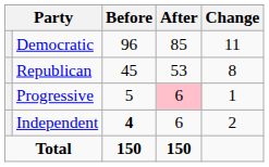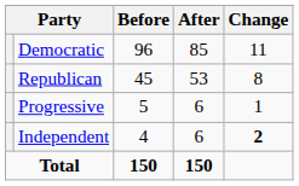 <table class="wikitable" style="text-align:center;">
 <tr>
 </tr>
 <tr>
 <th colspan=2>Party</th>
 <th>Before</th>
 <th>After</th>
 <th>Change</th>
 </tr>
 <tr>
 <th style="background-color:"></th>
 <td style="text-align:left;"><a href='#'>Democratic</a></td>
 <td>96</td>
 <td>85</td>
 <td> 11</td>
 </tr>
 <tr>
 <th style="background-color:"></th>
 <td style="text-align:left;"><a href='#'>Republican</a></td>
 <td>45</td>
 <td>53</td>
 <td> 8</td>
 </tr>
 <tr>
 <th style="background-color:"></th>
 <td style="text-align:left;"><a href='#'>Progressive</a></td>
 <td>5</td>
-<td style="background: pink;">6</td>
+<td>6</td>
 <td> 1</td>
 </tr>
 <tr>
 <th style="background-color:"></th>
 <td style="text-align:left;"><a href='#'>Independent</a></td>
-<td><strong>4</strong></td>
+<td>4</td>
 <td>6</td>
-<td> 2</td>
+<td><strong> 2</strong></td>
 </tr>
 <tr>
 <td colspan=2><strong>Total</strong></td>
 <td><strong>150</strong></td>
 <td><strong>150</strong></td>
 <td></td>
 </tr>
 </table>
